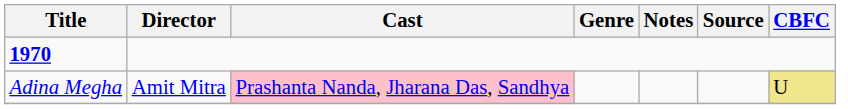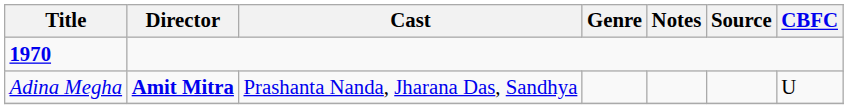 <table class="wikitable">
 <tr>
 <th>Title</th>
 <th>Director</th>
 <th>Cast</th>
 <th>Genre</th>
 <th>Notes</th>
 <th>Source</th>
 <th><a href='#'>CBFC</a></th>
 </tr>
 <tr>
 <td><strong><a href='#'>1970</a></strong></td>
 </tr>
 <tr>
 <td><em><a href='#'>Adina Megha</a></em></td>
-<td><a href='#'>Amit Mitra</a></td>
-<td style="background: pink;"><a href='#'>Prashanta Nanda</a>, <a href='#'>Jharana Das</a>, <a href='#'>Sandhya</a></td>
+<td><strong><a href='#'>Amit Mitra</a></strong></td>
+<td><a href='#'>Prashanta Nanda</a>, <a href='#'>Jharana Das</a>, <a href='#'>Sandhya</a></td>
 <td></td>
 <td></td>
 <td></td>
-<td style="background: khaki;">U</td>
+<td>U</td>
 </tr>
 <tr>
 </tr>
 </table>
